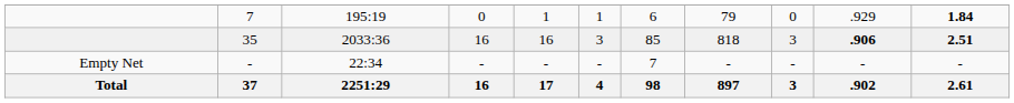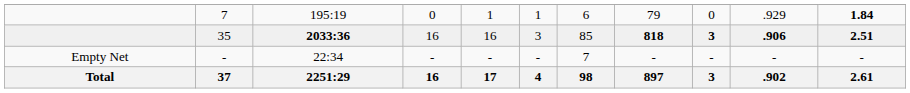 <table class="wikitable sortable" width=1100>
 <tr align="center">
 </tr>
 <tr align="center" bgcolor="">
 <td></td>
 <td>7</td>
 <td>195:19</td>
 <td>0</td>
 <td>1</td>
 <td>1</td>
 <td>6</td>
 <td>79</td>
 <td>0</td>
 <td>.929</td>
 <td><strong>1.84</strong></td>
 </tr>
 <tr align="center" bgcolor="f0f0f0">
 <td></td>
 <td>35</td>
-<td>2033:36</td>
+<td><strong>2033:36</strong></td>
 <td>16</td>
 <td>16</td>
 <td>3</td>
 <td>85</td>
-<td>818</td>
-<td>3</td>
+<td><strong>818</strong></td>
+<td><strong>3</strong></td>
 <td><strong>.906</strong></td>
 <td><strong>2.51</strong></td>
 </tr>
 <tr align="center" bgcolor="">
 <td>Empty Net</td>
 <td>-</td>
 <td>22:34</td>
 <td>-</td>
 <td>-</td>
 <td>-</td>
 <td>7</td>
 <td>-</td>
 <td>-</td>
 <td>-</td>
 <td>-</td>
 </tr>
 <tr>
 <th>Total</th>
 <th>37</th>
 <th>2251:29</th>
 <th>16</th>
 <th>17</th>
 <th>4</th>
 <th>98</th>
 <th>897</th>
 <th>3</th>
 <th>.902</th>
 <th>2.61</th>
 </tr>
 </table>
